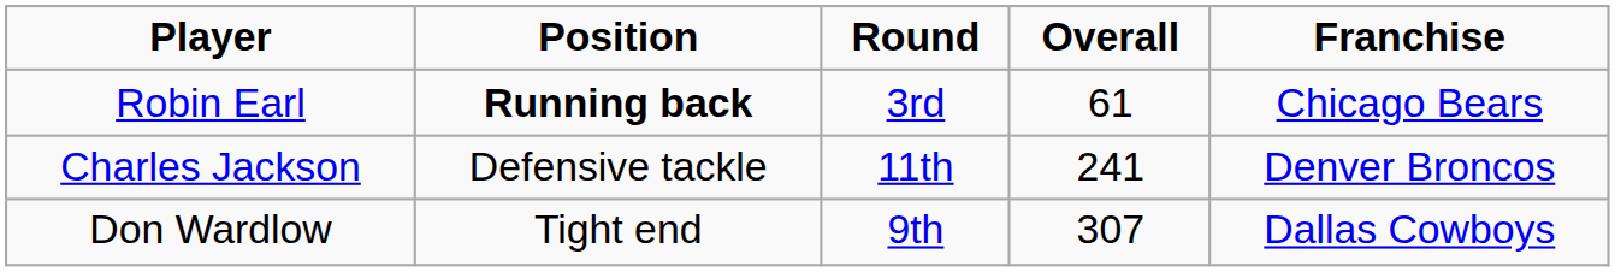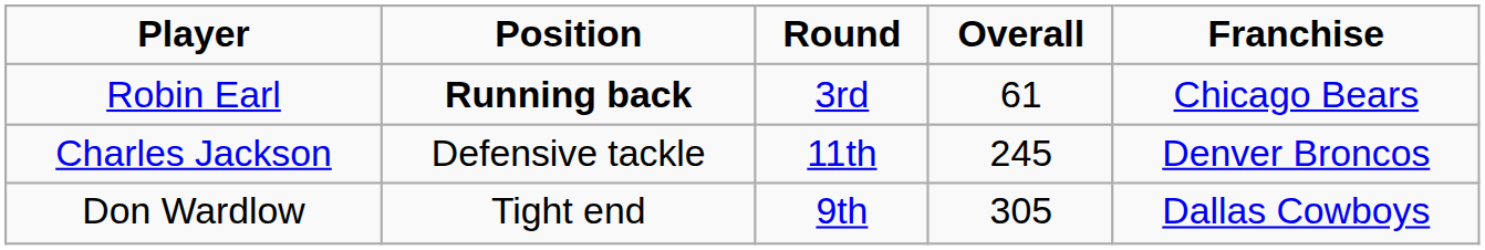 <table class="wikitable" width="50%">
 <tr align="center">
 <td><strong>Player</strong></td>
 <td><strong>Position</strong></td>
 <td><strong>Round</strong></td>
 <td><strong>Overall</strong></td>
 <td><strong>Franchise</strong></td>
 </tr>
 <tr align="center" bgcolor="">
 <td><a href='#'>Robin Earl</a></td>
 <td><strong>Running back</strong></td>
 <td><a href='#'>3rd</a></td>
 <td>61</td>
 <td><a href='#'>Chicago Bears</a></td>
 </tr>
 <tr align="center" bgcolor="">
 <td><a href='#'>Charles Jackson</a></td>
 <td>Defensive tackle</td>
 <td><a href='#'>11th</a></td>
-<td>241</td>
+<td>245</td>
 <td><a href='#'>Denver Broncos</a></td>
 </tr>
 <tr align="center" bgcolor="">
 <td>Don Wardlow</td>
 <td>Tight end</td>
 <td><a href='#'>9th</a></td>
-<td>307</td>
+<td>305</td>
 <td><a href='#'>Dallas Cowboys</a></td>
 </tr>
 </table>
